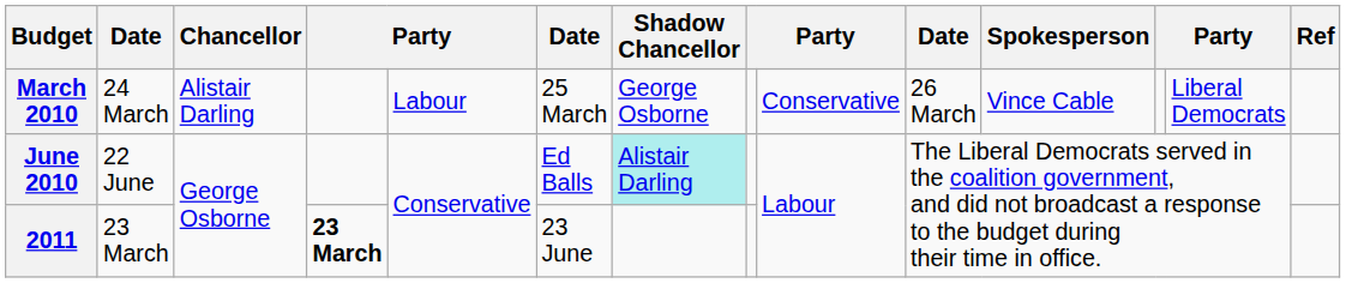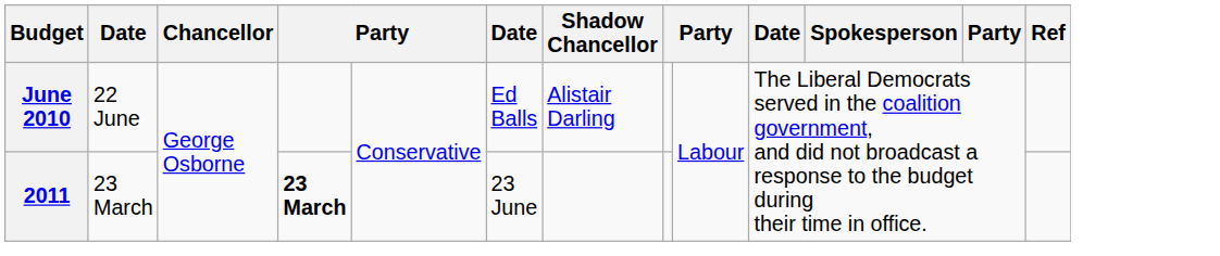 <table class="wikitable">
 <tr>
 <th scope= "col">Budget</th>
 <th scope= "col">Date</th>
 <th scope= "col">Chancellor</th>
 <th colspan= "2">Party</th>
 <th scope= "col">Date</th>
 <th scope= "col">Shadow Chancellor</th>
 <th colspan= "2">Party</th>
 <th scope="col ">Date</th>
 <th scope="col">Spokesperson</th>
 <th colspan="2">Party</th>
 <th scope="col">Ref</th>
 </tr>
 <tr>
-<th><a href='#'>March 2010</a></th>
-<td>24 March</td>
-<td><a href='#'>Alistair Darling</a></td>
-<td style="background-color: "></td>
-<td><a href='#'>Labour</a></td>
-<td>25 March</td>
-<td><a href='#'>George Osborne</a></td>
-<td style="background-color: "></td>
-<td><a href='#'>Conservative</a></td>
-<td>26 March</td>
-<td><a href='#'>Vince Cable</a></td>
-<td style="background-color: "></td>
-<td><a href='#'>Liberal Democrats</a></td>
-<td></td>
-</tr>
-<tr>
 <th><a href='#'>June 2010</a></th>
 <td>22 June</td>
 <td rowspan="2"><a href='#'>George Osborne</a></td>
 <td style="background-color: "></td>
 <td rowspan= "2"><a href='#'>Conservative</a></td>
 <td><a href='#'>Ed Balls</a></td>
-<td style="background: paleturquoise;"><a href='#'>Alistair Darling</a></td>
+<td><a href='#'>Alistair Darling</a></td>
 <td style="background-color: "></td>
 <td rowspan= "2"><a href='#'>Labour</a></td>
 <td rowspan="2"; colspan="4">The Liberal Democrats served in the <a href='#'>coalition government</a>,<br> and did not broadcast a response to the budget during<br> their time in office.</td>
 <td></td>
 </tr>
 <tr>
 <th><a href='#'>2011</a></th>
 <td>23 March</td>
 <td><strong>23 March</strong></td>
 <td>23 June</td>
 <td></td>
 </tr>
 </table>
